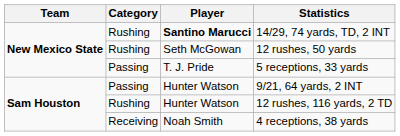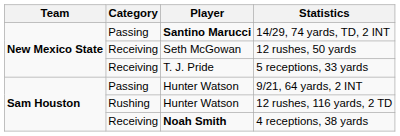 <table class="wikitable" style="float: right;">
 <tr>
 <th>Team</th>
 <th>Category</th>
 <th>Player</th>
 <th>Statistics</th>
 </tr>
 <tr>
 <td rowspan=3><strong>New Mexico State</strong></td>
-<td>Rushing</td>
+<td>Passing</td>
 <td><strong>Santino Marucci</strong></td>
 <td>14/29, 74 yards, TD, 2 INT</td>
 </tr>
 <tr>
-<td>Rushing</td>
+<td>Receiving</td>
 <td>Seth McGowan</td>
 <td>12 rushes, 50 yards</td>
 </tr>
 <tr>
-<td>Passing</td>
+<td>Receiving</td>
 <td>T. J. Pride</td>
 <td>5 receptions, 33 yards</td>
 </tr>
 <tr>
 <td rowspan=3><strong>Sam Houston</strong></td>
 <td>Passing</td>
 <td>Hunter Watson</td>
 <td>9/21, 64 yards, 2 INT</td>
 </tr>
 <tr>
 <td>Rushing</td>
 <td>Hunter Watson</td>
 <td>12 rushes, 116 yards, 2 TD</td>
 </tr>
 <tr>
 <td>Receiving</td>
-<td>Noah Smith</td>
+<td><strong>Noah Smith</strong></td>
 <td>4 receptions, 38 yards</td>
 </tr>
 </table>
